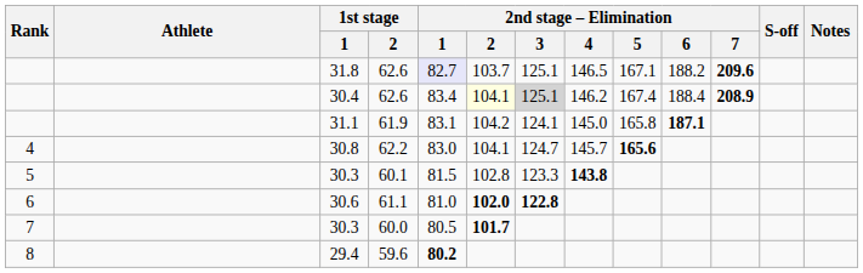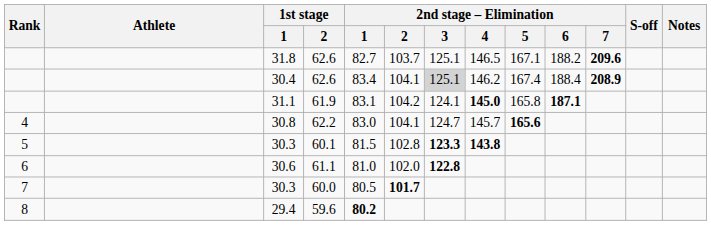 <table class="wikitable" style="text-align:center">
 <tr>
 <th rowspan=2 width=40>Rank</th>
 <th rowspan=2 width=250>Athlete</th>
 <th colspan=2>1st stage</th>
 <th colspan=7>2nd stage – Elimination</th>
 <th rowspan=2 width=35>S-off</th>
 <th rowspan=2 width=45>Notes</th>
 </tr>
 <tr>
 <th width=40>1</th>
 <th width=40>2</th>
 <th width=40>1</th>
 <th width=40>2</th>
 <th width=40>3</th>
 <th width=40>4</th>
 <th width=40>5</th>
 <th width=40>6</th>
 <th width=40>7</th>
 </tr>
 <tr>
 <td></td>
 <td align=left></td>
 <td>31.8</td>
 <td>62.6</td>
-<td style="background: lavender;">82.7</td>
+<td>82.7</td>
 <td>103.7</td>
 <td>125.1</td>
 <td>146.5</td>
 <td>167.1</td>
 <td>188.2</td>
 <td><strong>209.6</strong></td>
 <td></td>
 <td></td>
 </tr>
 <tr>
 <td></td>
 <td align=left></td>
 <td>30.4</td>
 <td>62.6</td>
 <td>83.4</td>
-<td style="background: lightyellow;">104.1</td>
+<td>104.1</td>
 <td style="background: lightgrey;">125.1</td>
 <td>146.2</td>
 <td>167.4</td>
 <td>188.4</td>
 <td><strong>208.9</strong></td>
 <td></td>
 <td></td>
 </tr>
 <tr>
 <td></td>
 <td align=left></td>
 <td>31.1</td>
 <td>61.9</td>
 <td>83.1</td>
 <td>104.2</td>
 <td>124.1</td>
-<td>145.0</td>
+<td><strong>145.0</strong></td>
 <td>165.8</td>
 <td><strong>187.1</strong></td>
 <td></td>
 <td></td>
 <td></td>
 </tr>
 <tr>
 <td>4</td>
 <td align=left></td>
 <td>30.8</td>
 <td>62.2</td>
 <td>83.0</td>
 <td>104.1</td>
 <td>124.7</td>
 <td>145.7</td>
 <td><strong>165.6</strong></td>
 <td></td>
 <td></td>
 <td></td>
 <td></td>
 </tr>
 <tr>
 <td>5</td>
 <td align=left></td>
 <td>30.3</td>
 <td>60.1</td>
 <td>81.5</td>
 <td>102.8</td>
-<td>123.3</td>
+<td><strong>123.3</strong></td>
 <td><strong>143.8</strong></td>
 <td></td>
 <td></td>
 <td></td>
 <td></td>
 <td></td>
 </tr>
 <tr>
 <td>6</td>
 <td align=left></td>
 <td>30.6</td>
 <td>61.1</td>
 <td>81.0</td>
-<td><strong>102.0</strong></td>
+<td>102.0</td>
 <td><strong>122.8</strong></td>
 <td></td>
 <td></td>
 <td></td>
 <td></td>
 <td></td>
 <td></td>
 </tr>
 <tr>
 <td>7</td>
 <td align=left></td>
 <td>30.3</td>
 <td>60.0</td>
 <td>80.5</td>
 <td><strong>101.7</strong></td>
 <td></td>
 <td></td>
 <td></td>
 <td></td>
 <td></td>
 <td></td>
 <td></td>
 </tr>
 <tr>
 <td>8</td>
 <td align=left></td>
 <td>29.4</td>
 <td>59.6</td>
 <td><strong>80.2</strong></td>
 <td></td>
 <td></td>
 <td></td>
 <td></td>
 <td></td>
 <td></td>
 <td></td>
 <td></td>
 </tr>
 </table>
